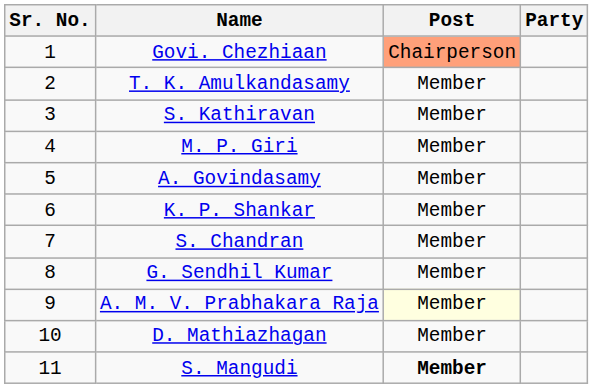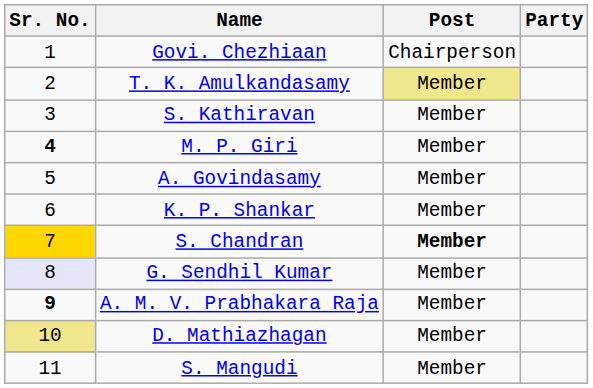 <table class="wikitable sortable">
 <tr>
 <th>Sr. No.</th>
 <th>Name</th>
 <th>Post</th>
 <th colspan="2">Party</th>
 </tr>
 <tr align="center">
 <td>1</td>
 <td><a href='#'>Govi. Chezhiaan</a></td>
-<td style="background: lightsalmon;">Chairperson</td>
+<td>Chairperson</td>
 <td></td>
 </tr>
 <tr align="center">
 <td>2</td>
 <td><a href='#'>T. K. Amulkandasamy</a></td>
-<td>Member</td>
+<td style="background: khaki;">Member</td>
 <td></td>
 </tr>
 <tr align="center">
 <td>3</td>
 <td><a href='#'>S. Kathiravan</a></td>
 <td>Member</td>
 <td></td>
 </tr>
 <tr align="center">
-<td>4</td>
+<td><strong>4</strong></td>
 <td><a href='#'>M. P. Giri</a></td>
 <td>Member</td>
 <td></td>
 </tr>
 <tr align="center">
 <td>5</td>
 <td><a href='#'>A. Govindasamy</a></td>
 <td>Member</td>
 <td></td>
 </tr>
 <tr align="center">
 <td>6</td>
 <td><a href='#'>K. P. Shankar</a></td>
 <td>Member</td>
 <td></td>
 </tr>
 <tr align="center">
-<td>7</td>
+<td style="background: gold;">7</td>
 <td><a href='#'>S. Chandran</a></td>
-<td>Member</td>
+<td><strong>Member</strong></td>
 <td></td>
 </tr>
 <tr align="center">
-<td>8</td>
+<td style="background: lavender;">8</td>
 <td><a href='#'>G. Sendhil Kumar</a></td>
 <td>Member</td>
 <td></td>
 </tr>
 <tr align="center">
-<td>9</td>
+<td><strong>9</strong></td>
 <td><a href='#'>A. M. V. Prabhakara Raja</a></td>
-<td style="background: lightyellow;">Member</td>
+<td>Member</td>
 <td></td>
 </tr>
 <tr align="center">
-<td>10</td>
+<td style="background: khaki;">10</td>
 <td><a href='#'>D. Mathiazhagan</a></td>
 <td>Member</td>
 <td></td>
 </tr>
 <tr align="center">
 <td>11</td>
 <td><a href='#'>S. Mangudi</a></td>
-<td><strong>Member</strong></td>
+<td>Member</td>
 <td></td>
 </tr>
 </table>
